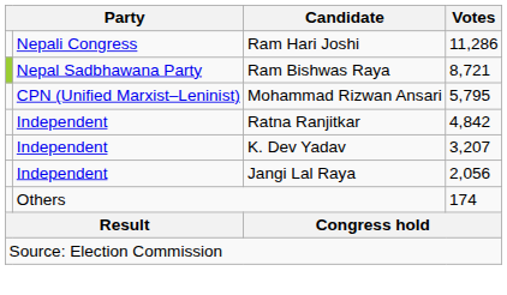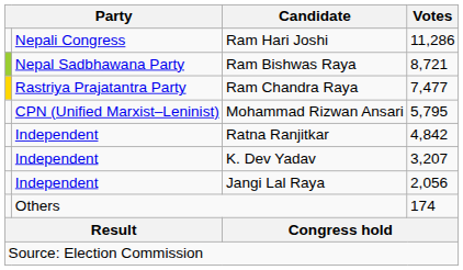 <table class="wikitable">
 <tr>
 <th colspan="2">Party</th>
 <th>Candidate</th>
 <th>Votes</th>
 </tr>
 <tr>
 <td style="background-color:"></td>
 <td><a href='#'>Nepali Congress</a></td>
 <td>Ram Hari Joshi</td>
 <td>11,286</td>
 </tr>
 <tr>
 <td style="background-color:yellowgreen"></td>
 <td><a href='#'>Nepal Sadbhawana Party</a></td>
 <td>Ram Bishwas Raya</td>
 <td>8,721</td>
+</tr>
+<tr>
+<td style="background-color:gold"></td>
+<td><a href='#'>Rastriya Prajatantra Party</a></td>
+<td>Ram Chandra Raya</td>
+<td>7,477</td>
 </tr>
 <tr>
 <td style="background-color:"></td>
 <td><a href='#'>CPN (Unified Marxist–Leninist)</a></td>
 <td>Mohammad Rizwan Ansari</td>
 <td>5,795</td>
 </tr>
 <tr>
 <td style="background-color:"></td>
 <td><a href='#'>Independent</a></td>
 <td>Ratna Ranjitkar</td>
 <td>4,842</td>
 </tr>
 <tr>
 <td style="background-color:"></td>
 <td><a href='#'>Independent</a></td>
 <td>K. Dev Yadav</td>
 <td>3,207</td>
 </tr>
 <tr>
 <td style="background-color:"></td>
 <td><a href='#'>Independent</a></td>
 <td>Jangi Lal Raya</td>
 <td>2,056</td>
 </tr>
 <tr>
 <td></td>
 <td colspan="2">Others</td>
 <td>174</td>
 </tr>
 <tr>
 <th colspan="2">Result</th>
 <th colspan="2">Congress hold</th>
 </tr>
 <tr>
 <td colspan="4">Source: Election Commission</td>
 </tr>
 </table>
